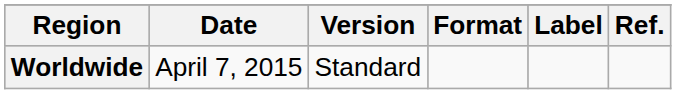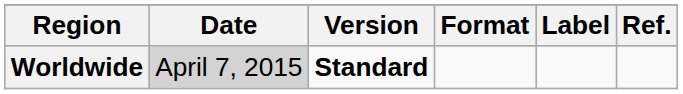 <table class="wikitable plainrowheaders">
 <tr>
 </tr>
 <tr>
 <th scope="col">Region</th>
 <th scope="col">Date</th>
 <th scope="col">Version</th>
 <th scope="col">Format</th>
 <th scope="col">Label</th>
 <th scope="col">Ref.</th>
 </tr>
 <tr>
 <th scope="row">Worldwide</th>
-<td>April 7, 2015</td>
-<td>Standard</td>
+<td style="background: lightgrey;">April 7, 2015</td>
+<td><strong>Standard</strong></td>
 <td></td>
 <td></td>
 <td></td>
 </tr>
 </table>
